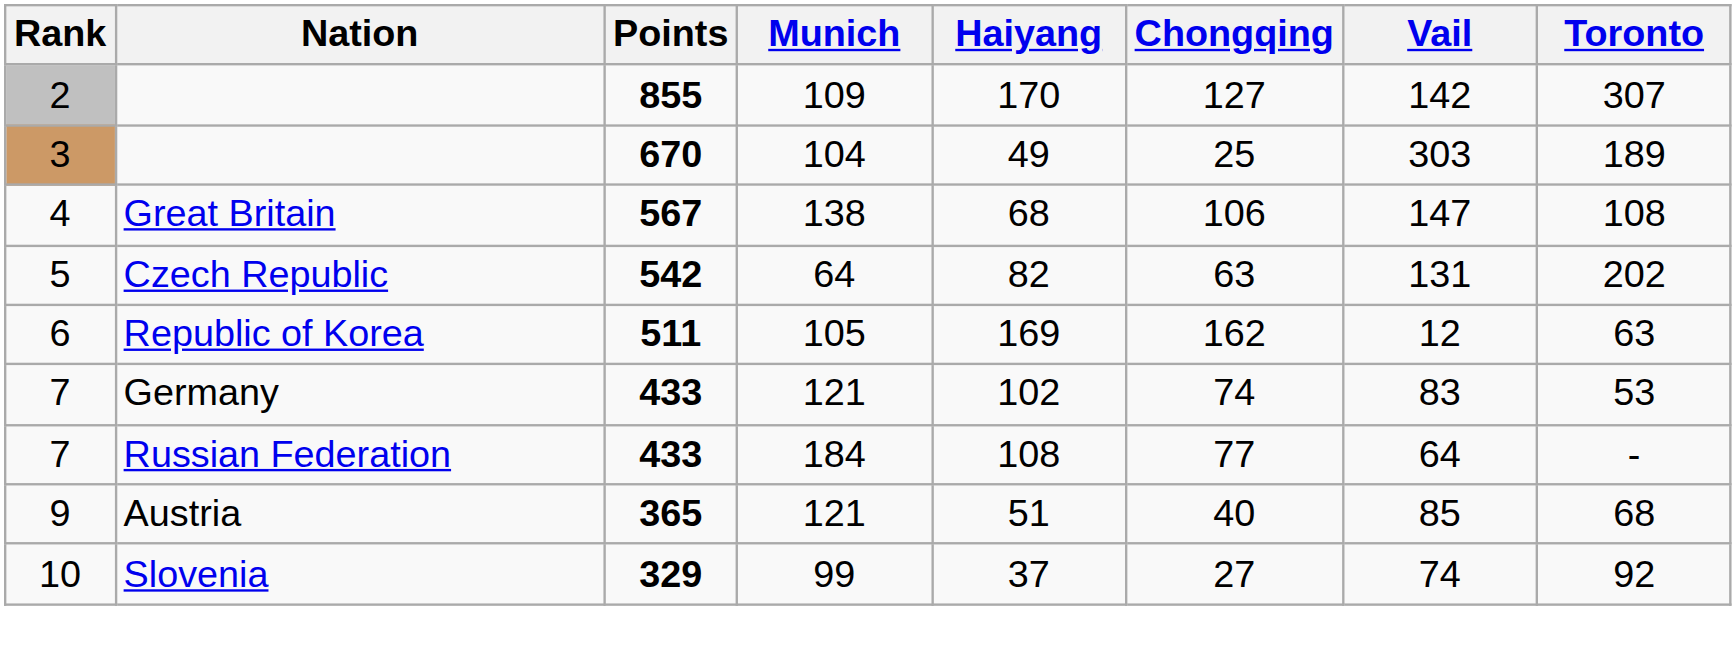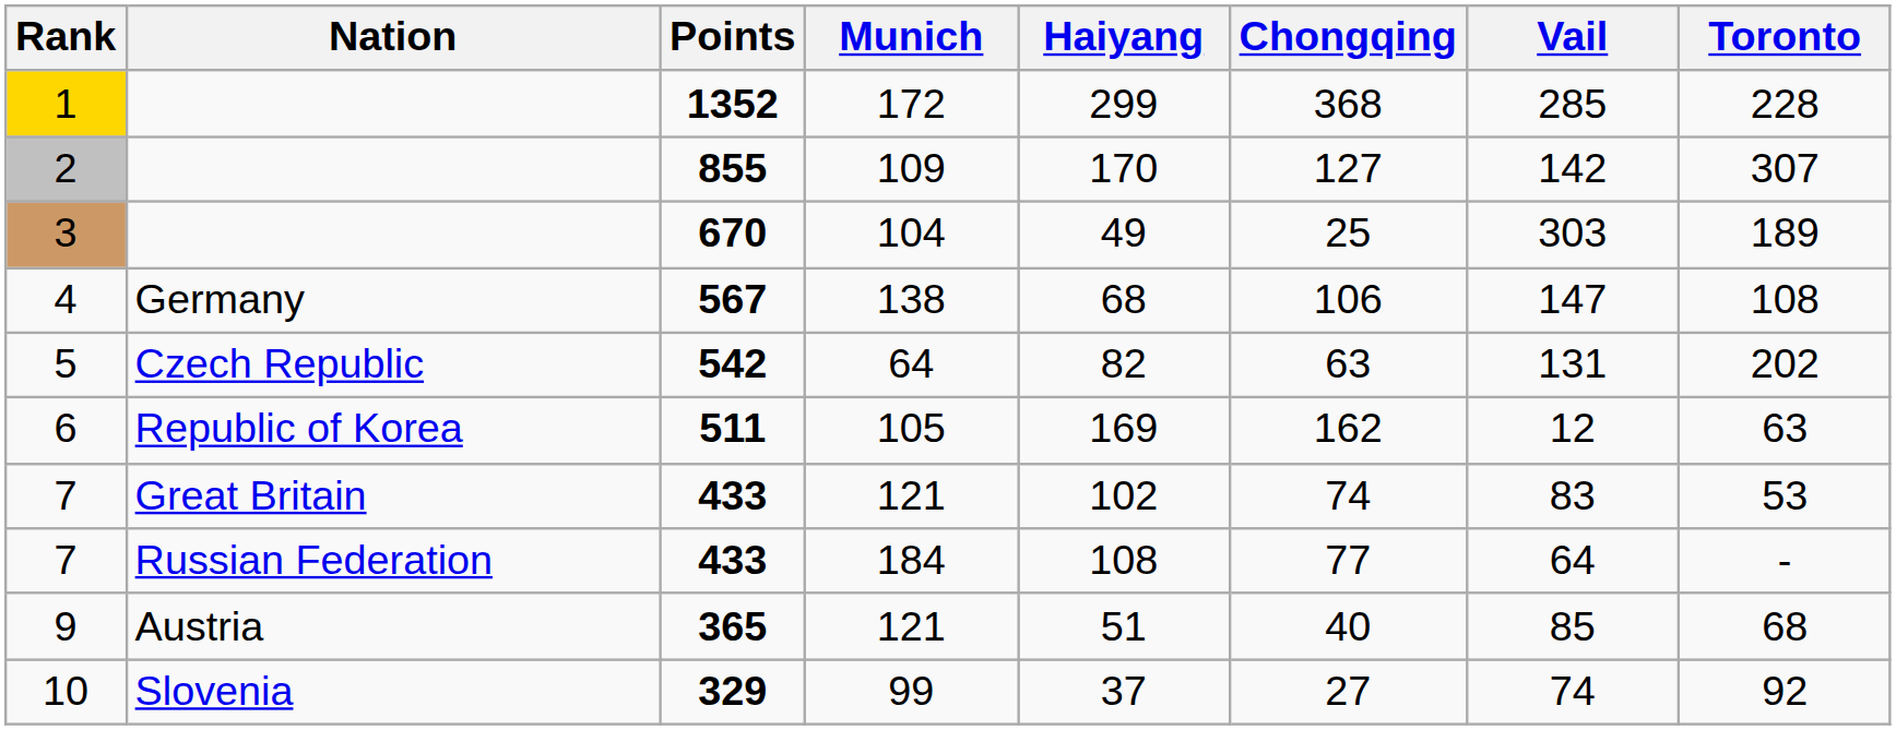 <table class="wikitable sortable">
 <tr>
 <th>Rank</th>
 <th width = "200">Nation</th>
 <th>Points</th>
 <th width = "75" data-sort-type="number"><a href='#'>Munich</a></th>
 <th width = "75" data-sort-type="number"><a href='#'>Haiyang</a></th>
 <th width = "75" data-sort-type="number"><a href='#'>Chongqing</a></th>
 <th width = "75" data-sort-type="number"><a href='#'>Vail</a></th>
 <th width = "75" data-sort-type="number"><a href='#'>Toronto</a></th>
+</tr>
+<tr>
+<td align="center" style="background: gold">1</td>
+<td></td>
+<td align="center"><strong>1352</strong></td>
+<td align="center">172</td>
+<td align="center">299</td>
+<td align="center">368</td>
+<td align="center">285</td>
+<td align="center">228</td>
 </tr>
 <tr>
 <td align="center" style="background: silver">2</td>
 <td></td>
 <td align="center"><strong>855</strong></td>
 <td align="center">109</td>
 <td align="center">170</td>
 <td align="center">127</td>
 <td align="center">142</td>
 <td align="center">307</td>
 </tr>
 <tr>
 <td align="center" style="background: #cc9966">3</td>
 <td></td>
 <td align="center"><strong>670</strong></td>
 <td align="center">104</td>
 <td align="center">49</td>
 <td align="center">25</td>
 <td align="center">303</td>
 <td align="center">189</td>
 </tr>
 <tr>
 <td align="center">4</td>
-<td> <a href='#'>Great Britain</a></td>
+<td> Germany</td>
 <td align="center"><strong>567</strong></td>
 <td align="center">138</td>
 <td align="center">68</td>
 <td align="center">106</td>
 <td align="center">147</td>
 <td align="center">108</td>
 </tr>
 <tr>
 <td align="center">5</td>
 <td> <a href='#'>Czech Republic</a></td>
 <td align="center"><strong>542</strong></td>
 <td align="center">64</td>
 <td align="center">82</td>
 <td align="center">63</td>
 <td align="center">131</td>
 <td align="center">202</td>
 </tr>
 <tr>
 <td align="center">6</td>
 <td> <a href='#'>Republic of Korea</a></td>
 <td align="center"><strong>511</strong></td>
 <td align="center">105</td>
 <td align="center">169</td>
 <td align="center">162</td>
 <td align="center">12</td>
 <td align="center">63</td>
 </tr>
 <tr>
 <td align="center">7</td>
-<td> Germany</td>
+<td> <a href='#'>Great Britain</a></td>
 <td align="center"><strong>433</strong></td>
 <td align="center">121</td>
 <td align="center">102</td>
 <td align="center">74</td>
 <td align="center">83</td>
 <td align="center">53</td>
 </tr>
 <tr>
 <td align="center">7</td>
 <td> <a href='#'>Russian Federation</a></td>
 <td align="center"><strong>433</strong></td>
 <td align="center">184</td>
 <td align="center">108</td>
 <td align="center">77</td>
 <td align="center">64</td>
 <td align="center">-</td>
 </tr>
 <tr>
 <td align="center">9</td>
 <td> Austria</td>
 <td align="center"><strong>365</strong></td>
 <td align="center">121</td>
 <td align="center">51</td>
 <td align="center">40</td>
 <td align="center">85</td>
 <td align="center">68</td>
 </tr>
 <tr>
 <td align="center">10</td>
 <td> <a href='#'>Slovenia</a></td>
 <td align="center"><strong>329</strong></td>
 <td align="center">99</td>
 <td align="center">37</td>
 <td align="center">27</td>
 <td align="center">74</td>
 <td align="center">92</td>
 </tr>
 </table>
